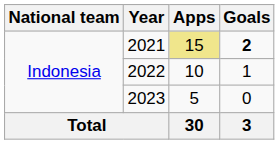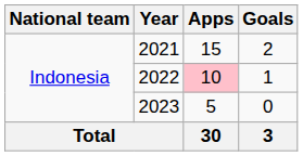 <table class="wikitable" style="text-align:center">
 <tr>
 <th>National team</th>
 <th>Year</th>
 <th>Apps</th>
 <th>Goals</th>
 </tr>
 <tr>
 <td rowspan=3><a href='#'>Indonesia</a></td>
 <td>2021</td>
-<td style="background: khaki;">15</td>
-<td><strong>2</strong></td>
+<td>15</td>
+<td>2</td>
 </tr>
 <tr>
 <td>2022</td>
-<td>10</td>
+<td style="background: pink;">10</td>
 <td>1</td>
 </tr>
 <tr>
 <td>2023</td>
 <td>5</td>
 <td>0</td>
 </tr>
 <tr>
 <th colspan=2>Total</th>
 <th>30</th>
 <th>3</th>
 </tr>
 </table>
